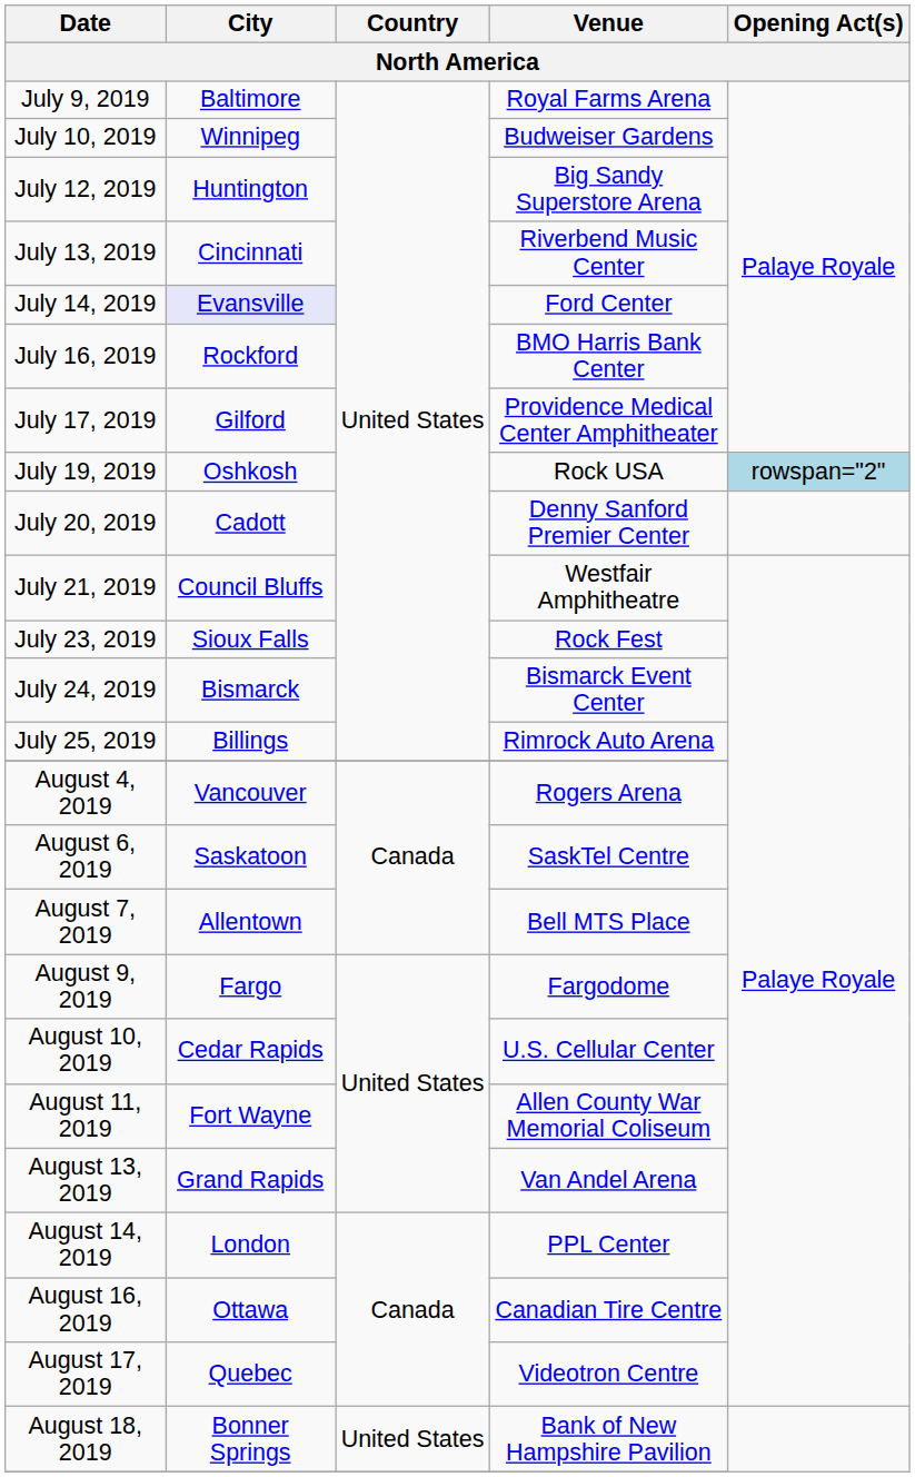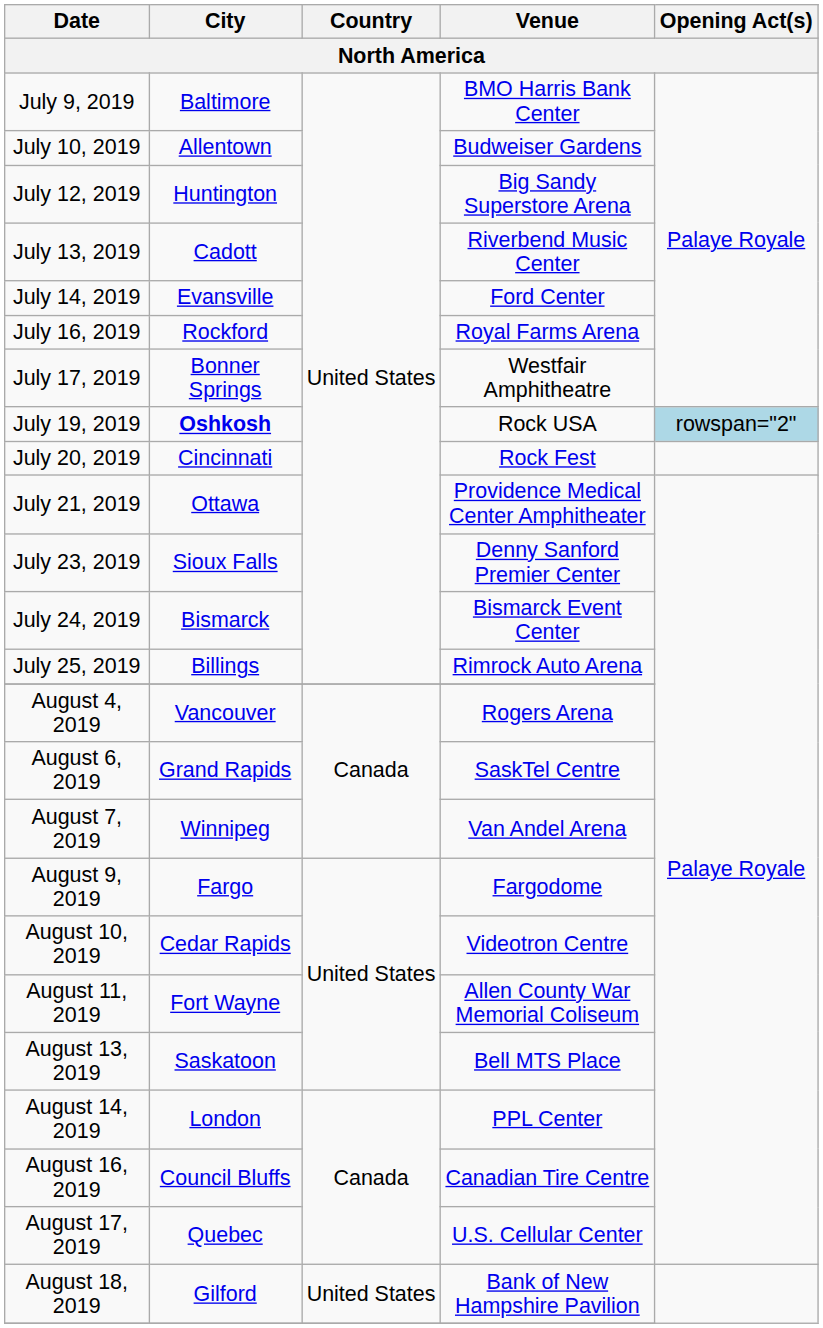 <table class="wikitable" style="text-align:center;">
 <tr>
 <th scope="col" style="width:12em;">Date</th>
 <th scope="col" style="width:10em;">City</th>
 <th scope="col" style="width:10em;">Country</th>
 <th scope="col" style="width:16em;">Venue</th>
 <th scope="col" style="width:10em;">Opening Act(s)</th>
 </tr>
 <tr>
 <th colspan="7">North America</th>
 </tr>
 <tr>
 <td>July 9, 2019</td>
 <td><a href='#'>Baltimore</a></td>
 <td rowspan="13">United States</td>
-<td><a href='#'>Royal Farms Arena</a></td>
+<td><a href='#'>BMO Harris Bank Center</a></td>
 <td rowspan="7"><a href='#'>Palaye Royale</a></td>
 </tr>
 <tr>
 <td>July 10, 2019</td>
-<td><a href='#'>Winnipeg</a></td>
+<td><a href='#'>Allentown</a></td>
 <td><a href='#'>Budweiser Gardens</a></td>
 </tr>
 <tr>
 <td>July 12, 2019</td>
 <td><a href='#'>Huntington</a></td>
 <td><a href='#'>Big Sandy Superstore Arena</a></td>
 </tr>
 <tr>
 <td>July 13, 2019</td>
-<td><a href='#'>Cincinnati</a></td>
+<td><a href='#'>Cadott</a></td>
 <td><a href='#'>Riverbend Music Center</a></td>
 </tr>
 <tr>
 <td>July 14, 2019</td>
-<td style="background: lavender;"><a href='#'>Evansville</a></td>
+<td><a href='#'>Evansville</a></td>
 <td><a href='#'>Ford Center</a></td>
 </tr>
 <tr>
 <td>July 16, 2019</td>
 <td><a href='#'>Rockford</a></td>
-<td><a href='#'>BMO Harris Bank Center</a></td>
+<td><a href='#'>Royal Farms Arena</a></td>
 </tr>
 <tr>
 <td>July 17, 2019</td>
-<td><a href='#'>Gilford</a></td>
-<td><a href='#'>Providence Medical Center Amphitheater</a></td>
+<td><a href='#'>Bonner Springs</a></td>
+<td>Westfair Amphitheatre</td>
 </tr>
 <tr>
 <td>July 19, 2019</td>
-<td><a href='#'>Oshkosh</a></td>
+<td><strong><a href='#'>Oshkosh</a></strong></td>
 <td>Rock USA</td>
 <td style="background: lightblue;">rowspan="2" </td>
 </tr>
 <tr>
 <td>July 20, 2019</td>
-<td><a href='#'>Cadott</a></td>
-<td><a href='#'>Denny Sanford Premier Center</a></td>
+<td><a href='#'>Cincinnati</a></td>
+<td><a href='#'>Rock Fest</a></td>
 </tr>
 <tr>
 <td>July 21, 2019</td>
-<td><a href='#'>Council Bluffs</a></td>
-<td>Westfair Amphitheatre</td>
+<td><a href='#'>Ottawa</a></td>
+<td><a href='#'>Providence Medical Center Amphitheater</a></td>
 <td rowspan="15"><a href='#'>Palaye Royale</a></td>
 </tr>
 <tr>
 <td>July 23, 2019</td>
 <td><a href='#'>Sioux Falls</a></td>
-<td><a href='#'>Rock Fest</a></td>
+<td><a href='#'>Denny Sanford Premier Center</a></td>
 </tr>
 <tr>
 <td>July 24, 2019</td>
 <td><a href='#'>Bismarck</a></td>
 <td><a href='#'>Bismarck Event Center</a></td>
 </tr>
 <tr>
 <td>July 25, 2019</td>
 <td><a href='#'>Billings</a></td>
 <td><a href='#'>Rimrock Auto Arena</a></td>
 </tr>
 <tr>
 </tr>
 <tr>
 <td>August 4, 2019</td>
 <td><a href='#'>Vancouver</a></td>
 <td rowspan="3">Canada</td>
 <td><a href='#'>Rogers Arena</a></td>
 </tr>
 <tr>
 <td>August 6, 2019</td>
-<td><a href='#'>Saskatoon</a></td>
+<td><a href='#'>Grand Rapids</a></td>
 <td><a href='#'>SaskTel Centre</a></td>
 </tr>
 <tr>
 <td>August 7, 2019</td>
-<td><a href='#'>Allentown</a></td>
-<td><a href='#'>Bell MTS Place</a></td>
+<td><a href='#'>Winnipeg</a></td>
+<td><a href='#'>Van Andel Arena</a></td>
 </tr>
 <tr>
 <td>August 9, 2019</td>
 <td><a href='#'>Fargo</a></td>
 <td rowspan="4">United States</td>
 <td><a href='#'>Fargodome</a></td>
 </tr>
 <tr>
 <td>August 10, 2019</td>
 <td><a href='#'>Cedar Rapids</a></td>
-<td><a href='#'>U.S. Cellular Center</a></td>
+<td><a href='#'>Videotron Centre</a></td>
 </tr>
 <tr>
 <td>August 11, 2019</td>
 <td><a href='#'>Fort Wayne</a></td>
 <td><a href='#'>Allen County War Memorial Coliseum</a></td>
 </tr>
 <tr>
 <td>August 13, 2019</td>
-<td><a href='#'>Grand Rapids</a></td>
-<td><a href='#'>Van Andel Arena</a></td>
+<td><a href='#'>Saskatoon</a></td>
+<td><a href='#'>Bell MTS Place</a></td>
 </tr>
 <tr>
 <td>August 14, 2019</td>
 <td><a href='#'>London</a></td>
 <td rowspan="3">Canada</td>
 <td><a href='#'>PPL Center</a></td>
 </tr>
 <tr>
 <td>August 16, 2019</td>
-<td><a href='#'>Ottawa</a></td>
+<td><a href='#'>Council Bluffs</a></td>
 <td><a href='#'>Canadian Tire Centre</a></td>
 </tr>
 <tr>
 <td>August 17, 2019</td>
 <td><a href='#'>Quebec</a></td>
-<td><a href='#'>Videotron Centre</a></td>
+<td><a href='#'>U.S. Cellular Center</a></td>
 </tr>
 <tr>
 <td>August 18, 2019</td>
-<td><a href='#'>Bonner Springs</a></td>
+<td><a href='#'>Gilford</a></td>
 <td>United States</td>
 <td><a href='#'>Bank of New Hampshire Pavilion</a></td>
 </tr>
 <tr>
 </tr>
 </table>
